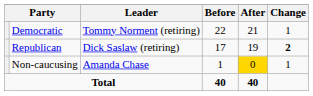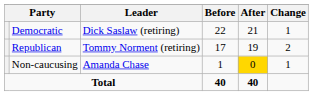 <table class="wikitable" style="text-align:center;">
 <tr>
 </tr>
 <tr>
 <th colspan=2>Party</th>
 <th>Leader</th>
 <th>Before</th>
 <th>After</th>
 <th>Change</th>
 </tr>
 <tr>
 <th style="background-color:"></th>
 <td style="text-align:left;"><a href='#'>Democratic</a></td>
-<td style="text-align:left;"><a href='#'>Tommy Norment</a> (retiring)</td>
+<td style="text-align:left;"><a href='#'>Dick Saslaw</a> (retiring)</td>
 <td>22</td>
 <td>21</td>
 <td> 1</td>
 </tr>
 <tr>
 <th style="background-color:"></th>
 <td style="text-align:left;"><a href='#'>Republican</a></td>
-<td style="text-align:left;"><a href='#'>Dick Saslaw</a> (retiring)</td>
+<td style="text-align:left;"><a href='#'>Tommy Norment</a> (retiring)</td>
 <td>17</td>
 <td>19</td>
-<td><strong> 2</strong></td>
+<td> 2</td>
 </tr>
 <tr>
 <th style="background-color:"></th>
 <td style="text-align:left;">Non-caucusing</td>
 <td style="text-align:left;"><a href='#'>Amanda Chase</a></td>
 <td>1</td>
 <td style="background: gold;">0</td>
 <td> 1</td>
 </tr>
 <tr>
 <td colspan=3><strong>Total</strong></td>
 <td><strong>40</strong></td>
 <td><strong>40</strong></td>
 </tr>
 </table>
